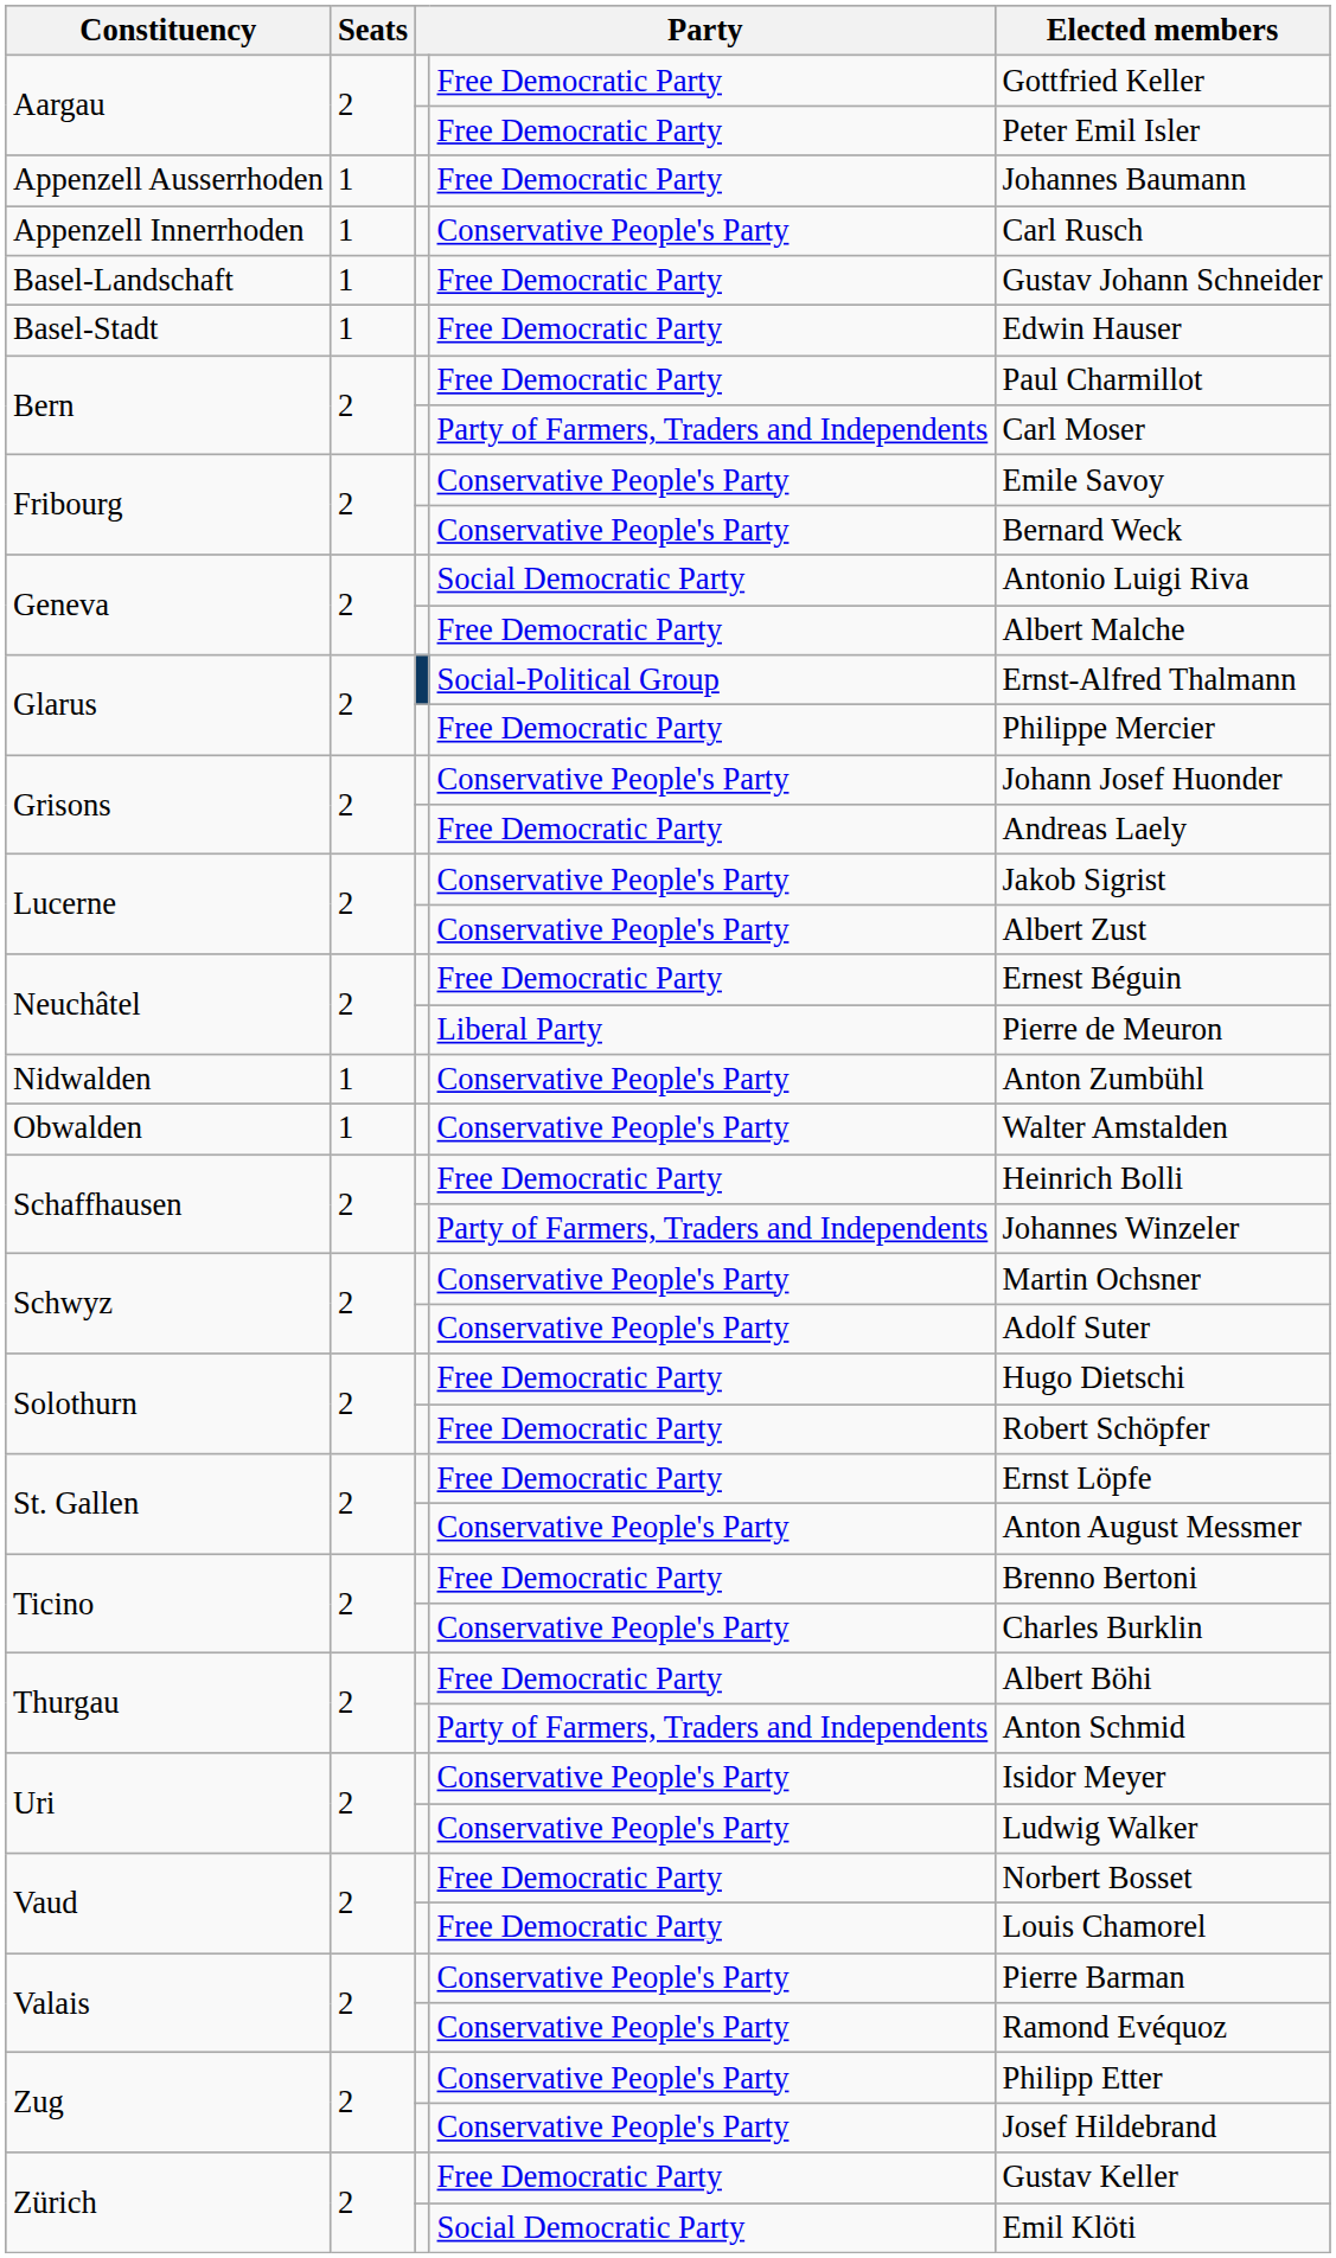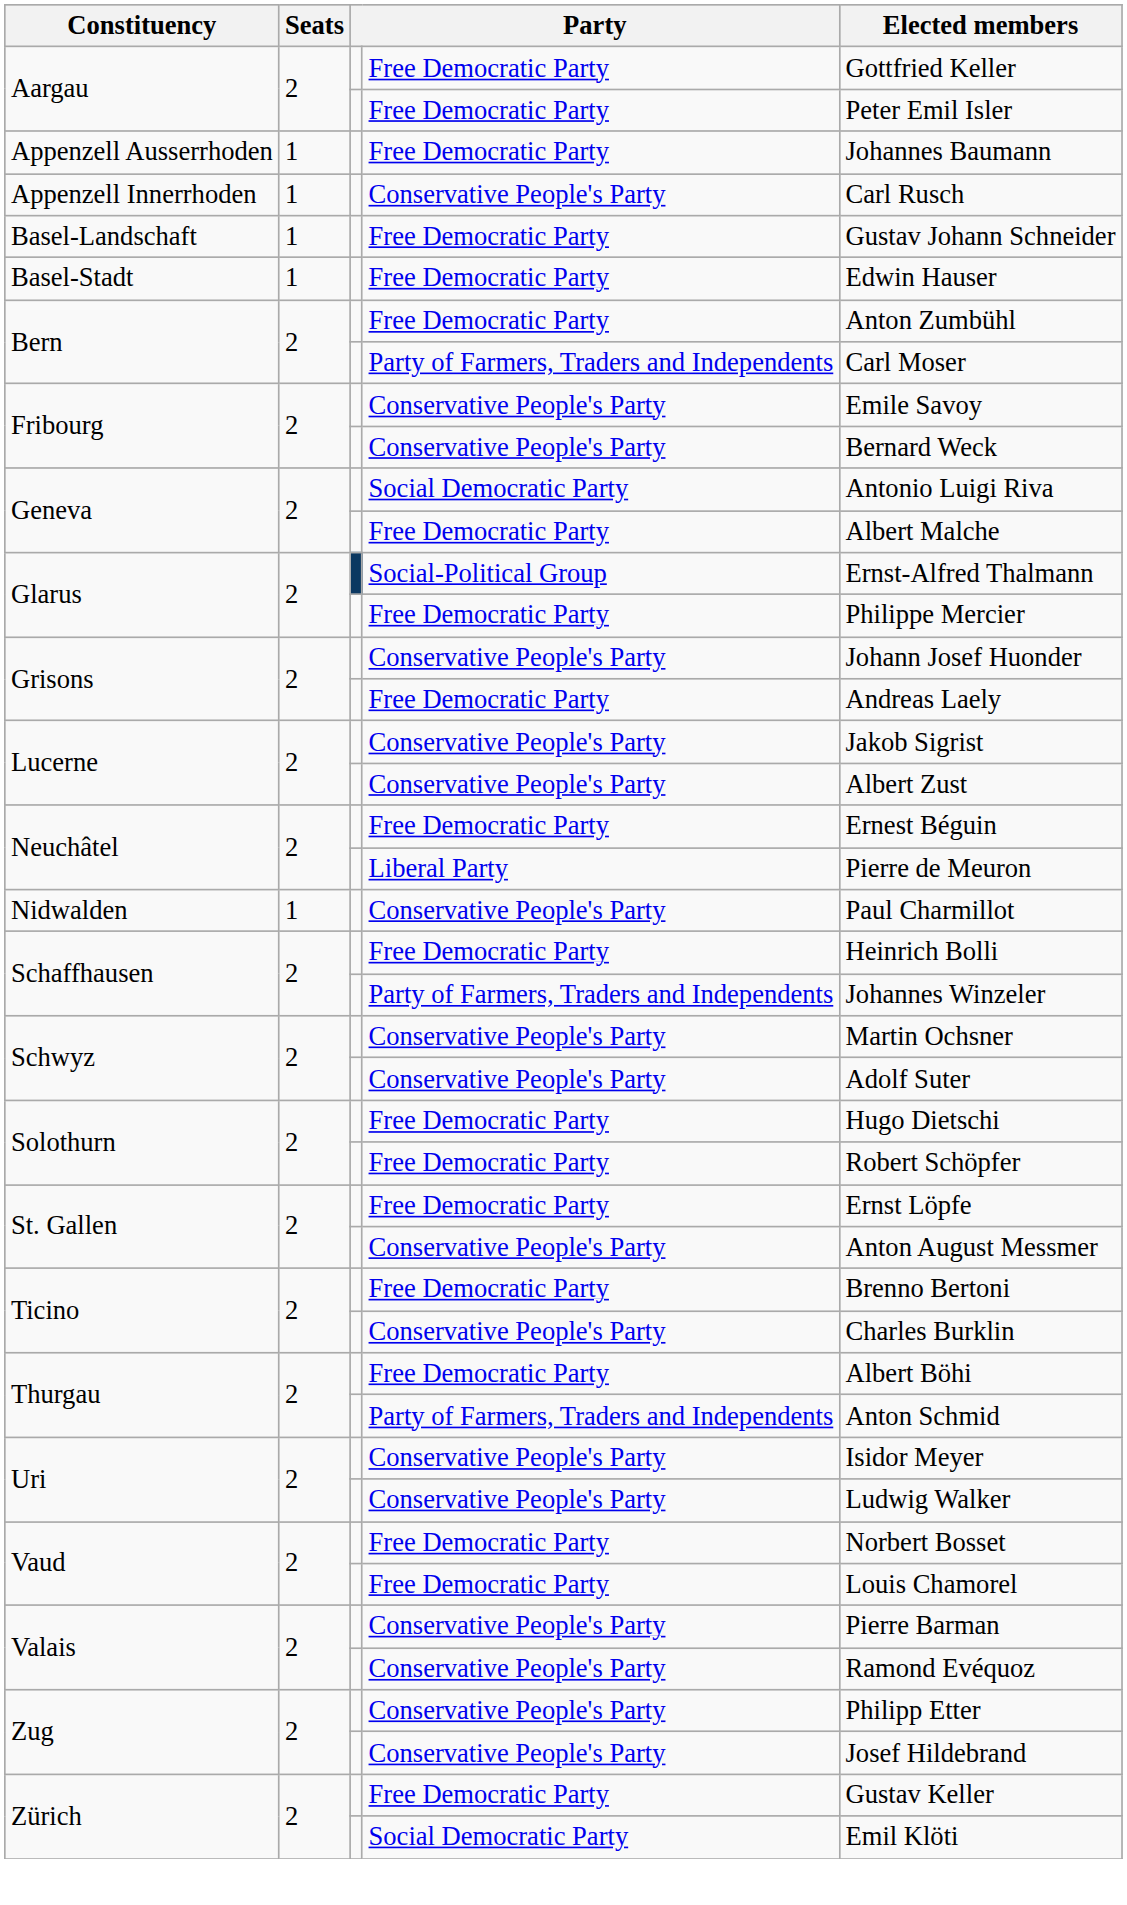 <table class="wikitable">
 <tr>
 <th>Constituency</th>
 <th>Seats</th>
 <th colspan="2">Party</th>
 <th>Elected members</th>
 </tr>
 <tr>
 <td rowspan="2">Aargau</td>
 <td rowspan="2">2</td>
 <td style="color:inherit;background:"></td>
 <td><a href='#'>Free Democratic Party</a></td>
 <td>Gottfried Keller</td>
 </tr>
 <tr>
 <td style="color:inherit;background:"></td>
 <td><a href='#'>Free Democratic Party</a></td>
 <td>Peter Emil Isler</td>
 </tr>
 <tr>
 <td>Appenzell Ausserrhoden</td>
 <td>1</td>
 <td style="color:inherit;background:"></td>
 <td><a href='#'>Free Democratic Party</a></td>
 <td>Johannes Baumann</td>
 </tr>
 <tr>
 <td>Appenzell Innerrhoden</td>
 <td>1</td>
 <td style="color:inherit;background:"></td>
 <td><a href='#'>Conservative People's Party</a></td>
 <td>Carl Rusch</td>
 </tr>
 <tr>
 <td>Basel-Landschaft</td>
 <td>1</td>
 <td style="color:inherit;background:"></td>
 <td><a href='#'>Free Democratic Party</a></td>
 <td>Gustav Johann Schneider</td>
 </tr>
 <tr>
 <td>Basel-Stadt</td>
 <td>1</td>
 <td style="color:inherit;background:"></td>
 <td><a href='#'>Free Democratic Party</a></td>
 <td>Edwin Hauser</td>
 </tr>
 <tr>
 <td rowspan="2">Bern</td>
 <td rowspan="2">2</td>
 <td style="color:inherit;background:"></td>
 <td><a href='#'>Free Democratic Party</a></td>
-<td>Paul Charmillot</td>
+<td>Anton Zumbühl</td>
 </tr>
 <tr>
 <td style="color:inherit;background:"></td>
 <td><a href='#'>Party of Farmers, Traders and Independents</a></td>
 <td>Carl Moser</td>
 </tr>
 <tr>
 <td rowspan="2">Fribourg</td>
 <td rowspan="2">2</td>
 <td style="color:inherit;background:"></td>
 <td><a href='#'>Conservative People's Party</a></td>
 <td>Emile Savoy</td>
 </tr>
 <tr>
 <td style="color:inherit;background:"></td>
 <td><a href='#'>Conservative People's Party</a></td>
 <td>Bernard Weck</td>
 </tr>
 <tr>
 <td rowspan="2">Geneva</td>
 <td rowspan="2">2</td>
 <td style="color:inherit;background:"></td>
 <td><a href='#'>Social Democratic Party</a></td>
 <td>Antonio Luigi Riva</td>
 </tr>
 <tr>
 <td style="color:inherit;background:"></td>
 <td><a href='#'>Free Democratic Party</a></td>
 <td>Albert Malche</td>
 </tr>
 <tr>
 <td rowspan="2">Glarus</td>
 <td rowspan="2">2</td>
 <td style="color:inherit;background:#0B3861"></td>
 <td><a href='#'>Social-Political Group</a></td>
 <td>Ernst-Alfred Thalmann</td>
 </tr>
 <tr>
 <td style="color:inherit;background:"></td>
 <td><a href='#'>Free Democratic Party</a></td>
 <td>Philippe Mercier</td>
 </tr>
 <tr>
 <td rowspan="2">Grisons</td>
 <td rowspan="2">2</td>
 <td style="color:inherit;background:"></td>
 <td><a href='#'>Conservative People's Party</a></td>
 <td>Johann Josef Huonder</td>
 </tr>
 <tr>
 <td style="color:inherit;background:"></td>
 <td><a href='#'>Free Democratic Party</a></td>
 <td>Andreas Laely</td>
 </tr>
 <tr>
 <td rowspan="2">Lucerne</td>
 <td rowspan="2">2</td>
 <td style="color:inherit;background:"></td>
 <td><a href='#'>Conservative People's Party</a></td>
 <td>Jakob Sigrist</td>
 </tr>
 <tr>
 <td style="color:inherit;background:"></td>
 <td><a href='#'>Conservative People's Party</a></td>
 <td>Albert Zust</td>
 </tr>
 <tr>
 <td rowspan="2">Neuchâtel</td>
 <td rowspan="2">2</td>
 <td style="color:inherit;background:"></td>
 <td><a href='#'>Free Democratic Party</a></td>
 <td>Ernest Béguin</td>
 </tr>
 <tr>
 <td style="color:inherit;background:"></td>
 <td><a href='#'>Liberal Party</a></td>
 <td>Pierre de Meuron</td>
 </tr>
 <tr>
 <td>Nidwalden</td>
 <td>1</td>
 <td style="color:inherit;background:"></td>
 <td><a href='#'>Conservative People's Party</a></td>
-<td>Anton Zumbühl</td>
-</tr>
-<tr>
-<td>Obwalden</td>
-<td>1</td>
-<td style="color:inherit;background:"></td>
-<td><a href='#'>Conservative People's Party</a></td>
-<td>Walter Amstalden</td>
+<td>Paul Charmillot</td>
 </tr>
 <tr>
 <td rowspan="2">Schaffhausen</td>
 <td rowspan="2">2</td>
 <td style="color:inherit;background:"></td>
 <td><a href='#'>Free Democratic Party</a></td>
 <td>Heinrich Bolli</td>
 </tr>
 <tr>
 <td style="color:inherit;background:"></td>
 <td><a href='#'>Party of Farmers, Traders and Independents</a></td>
 <td>Johannes Winzeler</td>
 </tr>
 <tr>
 <td rowspan="2">Schwyz</td>
 <td rowspan="2">2</td>
 <td style="color:inherit;background:"></td>
 <td><a href='#'>Conservative People's Party</a></td>
 <td>Martin Ochsner</td>
 </tr>
 <tr>
 <td style="color:inherit;background:"></td>
 <td><a href='#'>Conservative People's Party</a></td>
 <td>Adolf Suter</td>
 </tr>
 <tr>
 <td rowspan="2">Solothurn</td>
 <td rowspan="2">2</td>
 <td style="color:inherit;background:"></td>
 <td><a href='#'>Free Democratic Party</a></td>
 <td>Hugo Dietschi</td>
 </tr>
 <tr>
 <td style="color:inherit;background:"></td>
 <td><a href='#'>Free Democratic Party</a></td>
 <td>Robert Schöpfer</td>
 </tr>
 <tr>
 <td rowspan="2">St. Gallen</td>
 <td rowspan="2">2</td>
 <td style="color:inherit;background:"></td>
 <td><a href='#'>Free Democratic Party</a></td>
 <td>Ernst Löpfe</td>
 </tr>
 <tr>
 <td style="color:inherit;background:"></td>
 <td><a href='#'>Conservative People's Party</a></td>
 <td>Anton August Messmer</td>
 </tr>
 <tr>
 <td rowspan="2">Ticino</td>
 <td rowspan="2">2</td>
 <td style="color:inherit;background:"></td>
 <td><a href='#'>Free Democratic Party</a></td>
 <td>Brenno Bertoni</td>
 </tr>
 <tr>
 <td style="color:inherit;background:"></td>
 <td><a href='#'>Conservative People's Party</a></td>
 <td>Charles Burklin</td>
 </tr>
 <tr>
 <td rowspan="2">Thurgau</td>
 <td rowspan="2">2</td>
 <td style="color:inherit;background:"></td>
 <td><a href='#'>Free Democratic Party</a></td>
 <td>Albert Böhi</td>
 </tr>
 <tr>
 <td style="color:inherit;background:"></td>
 <td><a href='#'>Party of Farmers, Traders and Independents</a></td>
 <td>Anton Schmid</td>
 </tr>
 <tr>
 <td rowspan="2">Uri</td>
 <td rowspan="2">2</td>
 <td style="color:inherit;background:"></td>
 <td><a href='#'>Conservative People's Party</a></td>
 <td>Isidor Meyer</td>
 </tr>
 <tr>
 <td style="color:inherit;background:"></td>
 <td><a href='#'>Conservative People's Party</a></td>
 <td>Ludwig Walker</td>
 </tr>
 <tr>
 <td rowspan="2">Vaud</td>
 <td rowspan="2">2</td>
 <td style="color:inherit;background:"></td>
 <td><a href='#'>Free Democratic Party</a></td>
 <td>Norbert Bosset</td>
 </tr>
 <tr>
 <td style="color:inherit;background:"></td>
 <td><a href='#'>Free Democratic Party</a></td>
 <td>Louis Chamorel</td>
 </tr>
 <tr>
 <td rowspan="2">Valais</td>
 <td rowspan="2">2</td>
 <td style="color:inherit;background:"></td>
 <td><a href='#'>Conservative People's Party</a></td>
 <td>Pierre Barman</td>
 </tr>
 <tr>
 <td style="color:inherit;background:"></td>
 <td><a href='#'>Conservative People's Party</a></td>
 <td>Ramond Evéquoz</td>
 </tr>
 <tr>
 <td rowspan="2">Zug</td>
 <td rowspan="2">2</td>
 <td style="color:inherit;background:"></td>
 <td><a href='#'>Conservative People's Party</a></td>
 <td>Philipp Etter</td>
 </tr>
 <tr>
 <td style="color:inherit;background:"></td>
 <td><a href='#'>Conservative People's Party</a></td>
 <td>Josef Hildebrand</td>
 </tr>
 <tr>
 <td rowspan="2">Zürich</td>
 <td rowspan="2">2</td>
 <td style="color:inherit;background:"></td>
 <td><a href='#'>Free Democratic Party</a></td>
 <td>Gustav Keller</td>
 </tr>
 <tr>
 <td style="color:inherit;background:"></td>
 <td><a href='#'>Social Democratic Party</a></td>
 <td>Emil Klöti</td>
 </tr>
 </table>
